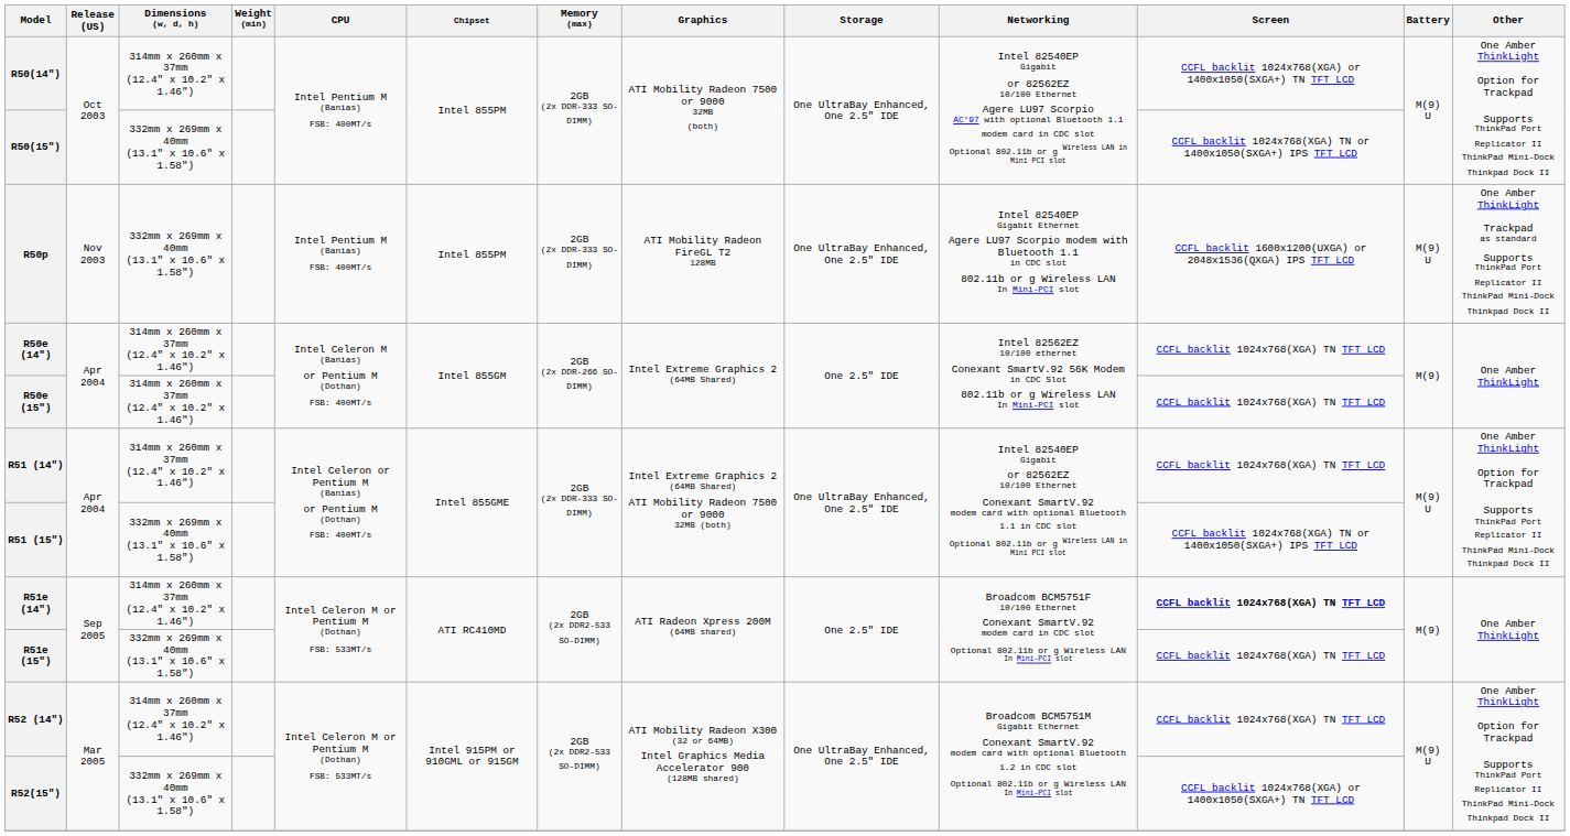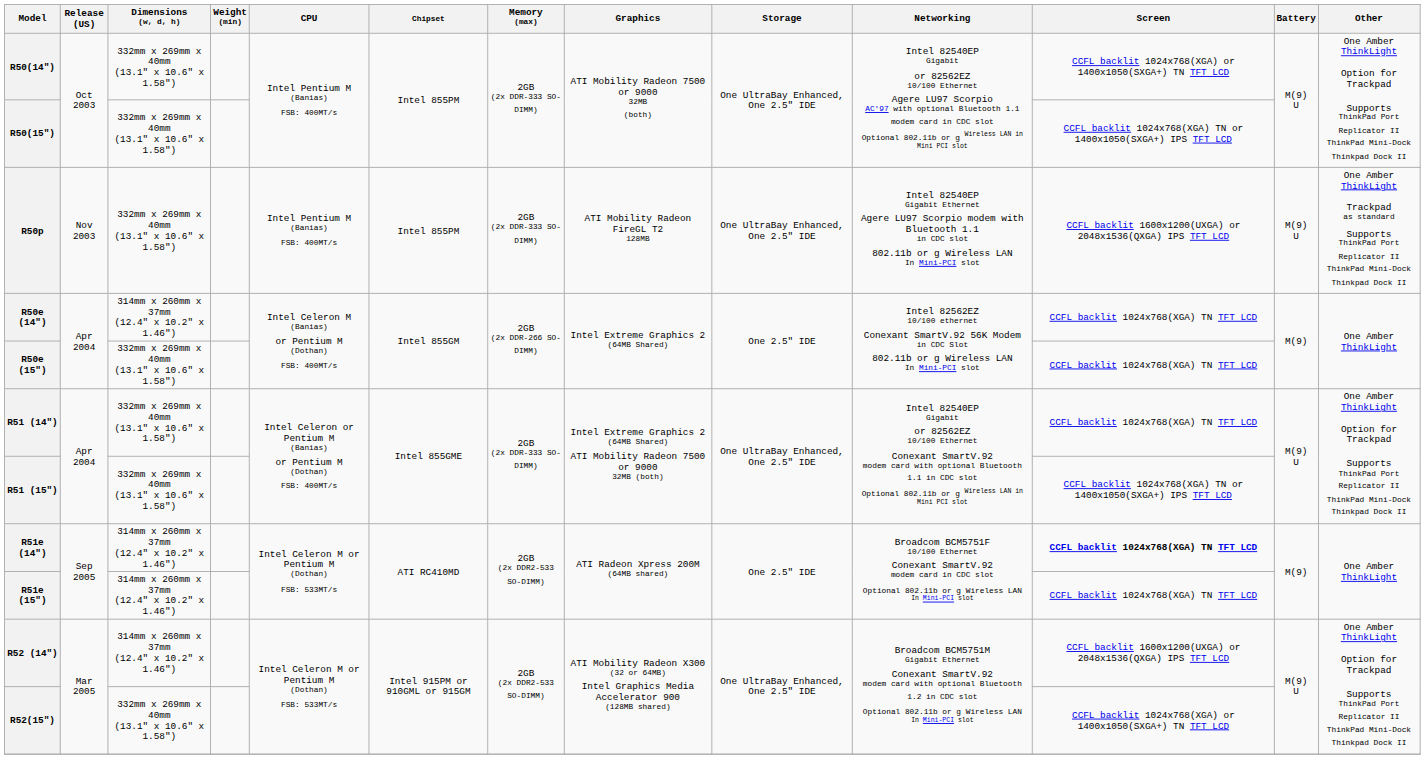 <table class="wikitable" style="font-size:80%; text-align:center">
 <tr>
 <th>Model</th>
 <th>Release<br>(US)</th>
 <th>Dimensions <br><sup>(w, d, h)</sup></th>
 <th>Weight <br><sup>(min)</sup></th>
 <th>CPU</th>
 <th><small>Chipset</small></th>
 <th>Memory <br><sup>(max)</sup></th>
 <th>Graphics</th>
 <th>Storage</th>
 <th>Networking</th>
 <th>Screen</th>
 <th>Battery</th>
 <th>Other</th>
 </tr>
 <tr>
 <th>R50(14") </th>
 <td rowspan="2">Oct 2003</td>
-<td>314mm x 260mm x 37mm <br>(12.4" x 10.2" x 1.46")</td>
+<td>332mm x 269mm x 40mm <br> (13.1" x 10.6" x 1.58")</td>
 <td></td>
 <td rowspan="2" style="background:">Intel Pentium M <br><sup>(Banias)</sup> <br><small>FSB: 400MT/s</small></td>
 <td rowspan="2">Intel 855PM</td>
 <td rowspan="2" style="background:">2GB <br><sup>(2x DDR-333 SO-DIMM)</sup></td>
 <td rowspan="2" style="background:">ATI Mobility Radeon 7500 or 9000 <br><sup>32MB<br>(both)</sup></td>
 <td rowspan="2" style="background:">One UltraBay Enhanced, <br>One 2.5" IDE</td>
 <td rowspan="2">Intel 82540EP <br><sup>Gigabit</sup> <br>or 82562EZ <br><sup>10/100 Ethernet</sup> <br>Agere LU97 Scorpio <br><sup><a href='#'>AC'97</a> with optional Bluetooth 1.1 modem card in CDC slot</sup> <br><small>Optional 802.11b or g <sup>Wireless LAN in Mini PCI slot</sup></small></td>
 <td style="background:"><a href='#'>CCFL backlit</a> 1024x768(XGA) or 1400x1050(SXGA+) TN <a href='#'>TFT LCD</a></td>
 <td rowspan="2" style="background:">M(9) <br> U</td>
 <td rowspan="2">One Amber <a href='#'>ThinkLight</a> <br><br>Option for Trackpad <br><br>Supports <sup><br>ThinkPad Port Replicator II<br>ThinkPad Mini-Dock<br>Thinkpad Dock II</sup></td>
 </tr>
 <tr>
 <th>R50(15") </th>
 <td>332mm x 269mm x 40mm <br>(13.1" x 10.6" x 1.58")</td>
 <td></td>
 <td style="background:"><a href='#'>CCFL backlit</a> 1024x768(XGA) TN or <br>1400x1050(SXGA+) IPS <a href='#'>TFT LCD</a></td>
 </tr>
 <tr>
 <th>R50p </th>
 <td>Nov 2003</td>
 <td>332mm x 269mm x 40mm <br>(13.1" x 10.6" x 1.58")</td>
 <td></td>
 <td style="background:">Intel Pentium M <br><sup>(Banias)</sup> <br><small>FSB: 400MT/s</small></td>
 <td>Intel 855PM</td>
 <td style="background:">2GB <br><sup>(2x DDR-333 SO-DIMM)</sup></td>
 <td style="background:">ATI Mobility Radeon FireGL T2 <br><sup>128MB</sup></td>
 <td style="background:">One UltraBay Enhanced, <br> One 2.5" IDE</td>
 <td>Intel 82540EP <br><sup>Gigabit Ethernet</sup> <br>Agere LU97 Scorpio modem with Bluetooth 1.1 <br><sup>in CDC slot</sup> <br>802.11b or g Wireless LAN <br><sup>In <a href='#'>Mini-PCI</a> slot</sup></td>
 <td style="background:"><a href='#'>CCFL backlit</a> 1600x1200(UXGA) or 2048x1536(QXGA) IPS <a href='#'>TFT LCD</a></td>
 <td style="background:">M(9) <br> U</td>
 <td>One Amber <a href='#'>ThinkLight</a> <br><br>Trackpad <br><sup>as standard</sup><br>Supports <sup><br>ThinkPad Port Replicator II<br>ThinkPad Mini-Dock<br>Thinkpad Dock II</sup></td>
 </tr>
 <tr>
 <th>R50e (14") </th>
 <td rowspan="2">Apr 2004</td>
 <td>314mm x 260mm x 37mm <br>(12.4" x 10.2" x 1.46")</td>
 <td></td>
 <td rowspan="2" style="background:">Intel Celeron M <br><sup>(Banias)</sup> <br>or Pentium M <br><sup>(Dothan)</sup> <br><small>FSB: 400MT/s</small></td>
 <td rowspan="2">Intel 855GM</td>
 <td rowspan="2" style="background:">2GB <br><sup>(2x DDR-266 SO-DIMM)</sup></td>
 <td rowspan="2" style="background:">Intel Extreme Graphics 2 <br><sup>(64MB Shared)</sup></td>
 <td rowspan="2" style="background:">One 2.5" IDE</td>
 <td rowspan="2">Intel 82562EZ <br><sup>10/100 ethernet</sup> <br>Conexant SmartV.92 56K Modem <br><sup>in CDC Slot</sup> <br>802.11b or g Wireless LAN <br><sup>In <a href='#'>Mini-PCI</a> slot</sup></td>
 <td style="background:"><a href='#'>CCFL backlit</a> 1024x768(XGA) TN <a href='#'>TFT LCD</a></td>
 <td rowspan="2" style="background:">M(9)</td>
 <td rowspan="2">One Amber <a href='#'>ThinkLight</a></td>
 </tr>
 <tr>
 <th>R50e (15") </th>
-<td>314mm x 260mm x 37mm <br>(12.4" x 10.2" x 1.46")</td>
+<td>332mm x 269mm x 40mm <br>(13.1" x 10.6" x 1.58")</td>
 <td></td>
 <td style="background:"><a href='#'>CCFL backlit</a> 1024x768(XGA) TN <a href='#'>TFT LCD</a></td>
 </tr>
 <tr>
 <th>R51 (14") </th>
 <td rowspan="2">Apr 2004</td>
-<td>314mm x 260mm x 37mm <br>(12.4" x 10.2" x 1.46")</td>
+<td>332mm x 269mm x 40mm <br> (13.1" x 10.6" x 1.58")</td>
 <td></td>
 <td rowspan="2" style="background:">Intel Celeron or Pentium M <br><sup>(Banias)</sup> <br>or Pentium M <br><sup>(Dothan)</sup> <br><small>FSB: 400MT/s</small></td>
 <td rowspan="2">Intel 855GME</td>
 <td rowspan="2" style="background:">2GB <br><sup>(2x DDR-333 SO-DIMM)</sup></td>
 <td rowspan="2" style="background:">Intel Extreme Graphics 2 <br><sup>(64MB Shared)</sup> <br>ATI Mobility Radeon 7500 or 9000 <br><sup>32MB (both)</sup></td>
 <td rowspan="2" style="background:">One UltraBay Enhanced, <br>One 2.5" IDE</td>
 <td rowspan="2">Intel 82540EP <br><sup>Gigabit</sup> <br>or 82562EZ <br><sup>10/100 Ethernet</sup> <br>Conexant SmartV.92 <br><sup> modem card with optional Bluetooth 1.1 in CDC slot</sup> <br><small>Optional 802.11b or g <sup>Wireless LAN in Mini PCI slot</sup></small></td>
 <td style="background:"><a href='#'>CCFL backlit</a> 1024x768(XGA) TN <a href='#'>TFT LCD</a></td>
 <td rowspan="2" style="background:">M(9) <br>U</td>
 <td rowspan="2">One Amber <a href='#'>ThinkLight</a> <br><br>Option for Trackpad <br><br>Supports <sup><br>ThinkPad Port Replicator II<br>ThinkPad Mini-Dock<br>Thinkpad Dock II</sup></td>
 </tr>
 <tr>
 <th>R51 (15") </th>
 <td>332mm x 269mm x 40mm <br> (13.1" x 10.6" x 1.58")</td>
 <td></td>
 <td style="background:"><a href='#'>CCFL backlit</a> 1024x768(XGA) TN or 1400x1050(SXGA+) IPS <a href='#'>TFT LCD</a></td>
 </tr>
 <tr>
 <th>R51e (14")</th>
 <td rowspan="2">Sep 2005</td>
 <td>314mm x 260mm x 37mm <br>(12.4" x 10.2" x 1.46")</td>
 <td></td>
 <td rowspan="2" style="background:">Intel Celeron M or Pentium M <br><sup>(Dothan)</sup> <br><small>FSB: 533MT/s</small></td>
 <td rowspan="2">ATI RC410MD</td>
 <td rowspan="2" style="background:">2GB <br><sup>(2x DDR2-533 SO-DIMM)</sup></td>
 <td rowspan="2" style="background:">ATI Radeon Xpress 200M <br><sup>(64MB shared)</sup></td>
 <td rowspan="2" style="background:">One 2.5" IDE</td>
 <td rowspan="2">Broadcom BCM5751F <br><sup>10/100 Ethernet</sup> <br>Conexant SmartV.92 <br><sup> modem card in CDC slot</sup> <br><small>Optional 802.11b or g Wireless LAN <br><sup>In <a href='#'>Mini-PCI</a> slot</sup></small></td>
 <td style="background:"><strong><a href='#'>CCFL backlit</a> 1024x768(XGA) TN <a href='#'>TFT LCD</a></strong></td>
 <td rowspan="2" style="background:">M(9)</td>
 <td rowspan="2">One Amber <a href='#'>ThinkLight</a></td>
 </tr>
 <tr>
 <th>R51e (15")</th>
-<td>332mm x 269mm x 40mm <br> (13.1" x 10.6" x 1.58")</td>
+<td>314mm x 260mm x 37mm <br>(12.4" x 10.2" x 1.46")</td>
 <td></td>
 <td style="background:"><a href='#'>CCFL backlit</a> 1024x768(XGA) TN <a href='#'>TFT LCD</a></td>
 </tr>
 <tr>
 <th>R52 (14")</th>
 <td rowspan="2">Mar 2005</td>
 <td>314mm x 260mm x 37mm <br>(12.4" x 10.2" x 1.46")</td>
 <td></td>
 <td rowspan="2" style="background:">Intel Celeron M or Pentium M <br><sup>(Dothan)</sup> <br><small>FSB: 533MT/s</small></td>
 <td rowspan="2">Intel 915PM or 910GML or 915GM</td>
 <td rowspan="2" style="background:">2GB <br><sup>(2x DDR2-533 SO-DIMM)</sup></td>
 <td rowspan="2" style="background:">ATI Mobility Radeon X300 <br><sup>(32 or 64MB)</sup> <br>Intel Graphics Media Accelerator 900 <br><sup>(128MB shared)</sup></td>
 <td rowspan="2" style="background:">One UltraBay Enhanced, One 2.5" IDE</td>
 <td rowspan="2">Broadcom BCM5751M <br><sup>Gigabit Ethernet</sup> <br>Conexant SmartV.92 <br><sup> modem card with optional Bluetooth 1.2 in CDC slot</sup> <br><small>Optional 802.11b or g Wireless LAN <br><sup>In <a href='#'>Mini-PCI</a> slot</sup></small></td>
-<td style="background:"><a href='#'>CCFL backlit</a> 1024x768(XGA) TN <a href='#'>TFT LCD</a></td>
+<td style="background:"><a href='#'>CCFL backlit</a> 1600x1200(UXGA) or 2048x1536(QXGA) IPS <a href='#'>TFT LCD</a></td>
 <td rowspan="2" style="background:">M(9) <br>U</td>
 <td rowspan="2">One Amber <a href='#'>ThinkLight</a> <br><br>Option for Trackpad <br><br>Supports <sup><br>ThinkPad Port Replicator II<br>ThinkPad Mini-Dock<br>Thinkpad Dock II</sup></td>
 </tr>
 <tr>
 <th>R52(15")</th>
 <td>332mm x 269mm x 40mm <br> (13.1" x 10.6" x 1.58")</td>
 <td></td>
 <td style="background:"><a href='#'>CCFL backlit</a> 1024x768(XGA) or 1400x1050(SXGA+) TN <a href='#'>TFT LCD</a></td>
 </tr>
 <tr>
 </tr>
 </table>
